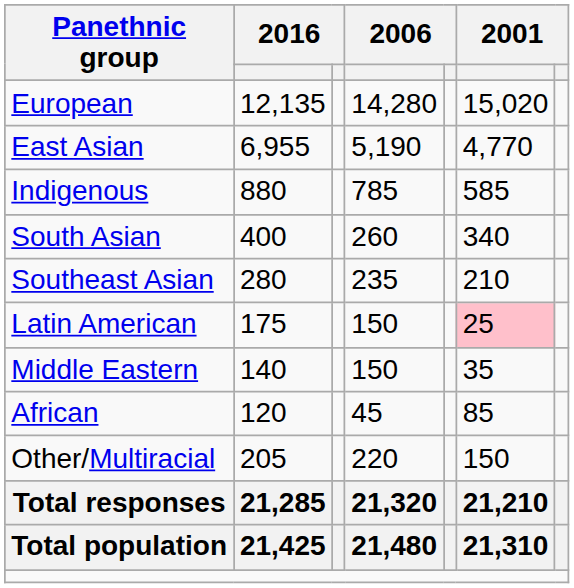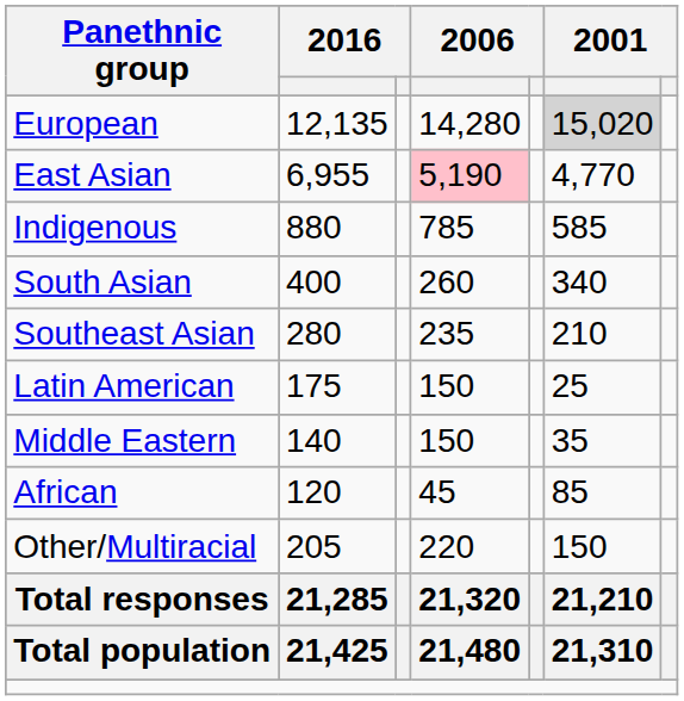 <table class="wikitable sortable">
 <tr>
 <th rowspan="2"><a href='#'>Panethnic</a><br>group</th>
 <th colspan="2">2016</th>
 <th colspan="2">2006</th>
 <th colspan="2">2001</th>
 </tr>
 <tr>
 <th><a href='#'></a></th>
 <th></th>
 <th></th>
 <th></th>
 <th></th>
 <th></th>
 </tr>
 <tr>
 <td><a href='#'>European</a></td>
 <td>12,135</td>
 <td></td>
 <td>14,280</td>
 <td></td>
-<td>15,020</td>
+<td style="background: lightgrey;">15,020</td>
 <td></td>
 </tr>
 <tr>
 <td><a href='#'>East Asian</a></td>
 <td>6,955</td>
 <td></td>
-<td>5,190</td>
+<td style="background: pink;">5,190</td>
 <td></td>
 <td>4,770</td>
 <td></td>
 </tr>
 <tr>
 <td><a href='#'>Indigenous</a></td>
 <td>880</td>
 <td></td>
 <td>785</td>
 <td></td>
 <td>585</td>
 <td></td>
 </tr>
 <tr>
 <td><a href='#'>South Asian</a></td>
 <td>400</td>
 <td></td>
 <td>260</td>
 <td></td>
 <td>340</td>
 <td></td>
 </tr>
 <tr>
 <td><a href='#'>Southeast Asian</a></td>
 <td>280</td>
 <td></td>
 <td>235</td>
 <td></td>
 <td>210</td>
 <td></td>
 </tr>
 <tr>
 <td><a href='#'>Latin American</a></td>
 <td>175</td>
 <td></td>
 <td>150</td>
 <td></td>
-<td style="background: pink;">25</td>
+<td>25</td>
 <td></td>
 </tr>
 <tr>
 <td><a href='#'>Middle Eastern</a></td>
 <td>140</td>
 <td></td>
 <td>150</td>
 <td></td>
 <td>35</td>
 <td></td>
 </tr>
 <tr>
 <td><a href='#'>African</a></td>
 <td>120</td>
 <td></td>
 <td>45</td>
 <td></td>
 <td>85</td>
 <td></td>
 </tr>
 <tr>
 <td>Other/<a href='#'>Multiracial</a></td>
 <td>205</td>
 <td></td>
 <td>220</td>
 <td></td>
 <td>150</td>
 <td></td>
 </tr>
 <tr>
 <th>Total responses</th>
 <th>21,285</th>
 <th></th>
 <th>21,320</th>
 <th></th>
 <th>21,210</th>
 <th></th>
 </tr>
 <tr>
 <th>Total population</th>
 <th>21,425</th>
 <th></th>
 <th>21,480</th>
 <th></th>
 <th>21,310</th>
 <th></th>
 </tr>
 <tr class="sortbottom">
 <td colspan="10"></td>
 </tr>
 </table>
